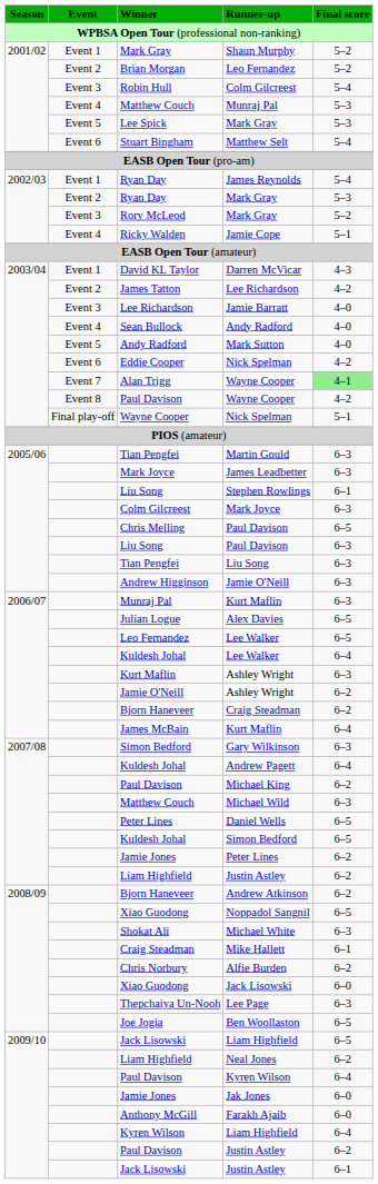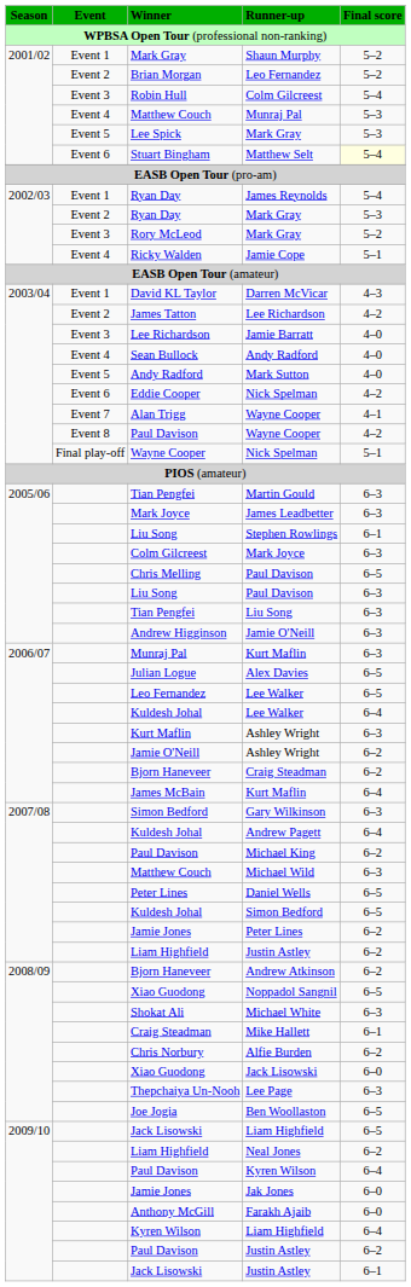 <table class="wikitable" style="margin: auto">
 <tr>
 <th style="text-align: center; background-color: #00af00">Season</th>
 <th style="text-align: center; background-color: #00af00">Event</th>
 <th style="text-align: left; background-color: #00af00">Winner</th>
 <th style="text-align: left; background-color: #00af00">Runner-up</th>
 <th style="text-align: left; background-color: #00af00">Final score</th>
 </tr>
 <tr>
 <td colspan=5 style="text-align: center; background-color: #c0ffc0"><strong>WPBSA Open Tour</strong> (professional non-ranking)</td>
 </tr>
 <tr valign=top>
 <td rowspan=6>2001/02</td>
 <td style="text-align: center">Event 1</td>
 <td> <a href='#'>Mark Gray</a></td>
 <td> <a href='#'>Shaun Murphy</a></td>
 <td style="text-align: center">5–2</td>
 </tr>
 <tr>
 <td style="text-align: center">Event 2</td>
 <td> <a href='#'>Brian Morgan</a></td>
 <td> <a href='#'>Leo Fernandez</a></td>
 <td style="text-align: center">5–2</td>
 </tr>
 <tr>
 <td style="text-align: center">Event 3</td>
 <td> <a href='#'>Robin Hull</a></td>
 <td> <a href='#'>Colm Gilcreest</a></td>
 <td style="text-align: center">5–4</td>
 </tr>
 <tr>
 <td style="text-align: center">Event 4</td>
 <td> <a href='#'>Matthew Couch</a></td>
 <td> <a href='#'>Munraj Pal</a></td>
 <td style="text-align: center">5–3</td>
 </tr>
 <tr>
 <td style="text-align: center">Event 5</td>
 <td> <a href='#'>Lee Spick</a></td>
 <td> <a href='#'>Mark Gray</a></td>
 <td style="text-align: center">5–3</td>
 </tr>
 <tr>
 <td style="text-align: center">Event 6</td>
 <td> <a href='#'>Stuart Bingham</a></td>
 <td> <a href='#'>Matthew Selt</a></td>
-<td style="text-align: center">5–4</td>
+<td style="background: lightyellow; text-align: center">5–4</td>
 </tr>
 <tr valign=top>
 </tr>
 <tr>
 <td colspan=5 style="text-align: center; background-color:lightgrey"><strong>EASB Open Tour</strong> (pro-am)</td>
 </tr>
 <tr valign=top>
 <td rowspan=4>2002/03</td>
 <td style="text-align: center">Event 1</td>
 <td> <a href='#'>Ryan Day</a></td>
 <td> <a href='#'>James Reynolds</a></td>
 <td style="text-align: center">5–4</td>
 </tr>
 <tr>
 <td style="text-align: center">Event 2</td>
 <td> <a href='#'>Ryan Day</a></td>
 <td> <a href='#'>Mark Gray</a></td>
 <td style="text-align: center">5–3</td>
 </tr>
 <tr>
 <td style="text-align: center">Event 3</td>
 <td> <a href='#'>Rory McLeod</a></td>
 <td> <a href='#'>Mark Gray</a></td>
 <td style="text-align: center">5–2</td>
 </tr>
 <tr>
 <td style="text-align: center">Event 4</td>
 <td> <a href='#'>Ricky Walden</a></td>
 <td> <a href='#'>Jamie Cope</a></td>
 <td style="text-align: center">5–1</td>
 </tr>
 <tr>
 <td colspan=5 style="text-align: center; background-color:lightgrey"><strong>EASB Open Tour</strong> (amateur)</td>
 </tr>
 <tr valign=top>
 <td rowspan=9>2003/04</td>
 <td style="text-align: center">Event 1</td>
 <td> <a href='#'>David KL Taylor</a></td>
 <td> <a href='#'>Darren McVicar</a></td>
 <td style="text-align: center">4–3</td>
 </tr>
 <tr>
 <td style="text-align: center">Event 2</td>
 <td> <a href='#'>James Tatton</a></td>
 <td> <a href='#'>Lee Richardson</a></td>
 <td style="text-align: center">4–2</td>
 </tr>
 <tr>
 <td style="text-align: center">Event 3</td>
 <td> <a href='#'>Lee Richardson</a></td>
 <td> <a href='#'>Jamie Barratt</a></td>
 <td style="text-align: center">4–0</td>
 </tr>
 <tr>
 <td style="text-align: center">Event 4</td>
 <td> <a href='#'>Sean Bullock</a></td>
 <td> <a href='#'>Andy Radford</a></td>
 <td style="text-align: center">4–0</td>
 </tr>
 <tr>
 <td style="text-align: center">Event 5</td>
 <td> <a href='#'>Andy Radford</a></td>
 <td> <a href='#'>Mark Sutton</a></td>
 <td style="text-align: center">4–0</td>
 </tr>
 <tr>
 <td style="text-align: center">Event 6</td>
 <td> <a href='#'>Eddie Cooper</a></td>
 <td> <a href='#'>Nick Spelman</a></td>
 <td style="text-align: center">4–2</td>
 </tr>
 <tr>
 <td style="text-align: center">Event 7</td>
 <td> <a href='#'>Alan Trigg</a></td>
 <td> <a href='#'>Wayne Cooper</a></td>
-<td style="background: lightgreen; text-align: center">4–1</td>
+<td style="text-align: center">4–1</td>
 </tr>
 <tr>
 <td style="text-align: center">Event 8</td>
 <td> <a href='#'>Paul Davison</a></td>
 <td> <a href='#'>Wayne Cooper</a></td>
 <td style="text-align: center">4–2</td>
 </tr>
 <tr>
 <td style="text-align: center">Final play-off</td>
 <td> <a href='#'>Wayne Cooper</a></td>
 <td> <a href='#'>Nick Spelman</a></td>
 <td style="text-align: center">5–1</td>
 </tr>
 <tr>
 <td colspan=5 style="text-align: center; background-color:lightgrey"><strong>PIOS</strong> (amateur)</td>
 </tr>
 <tr valign=top>
 <td rowspan=8>2005/06</td>
 <td style="text-align: center"></td>
 <td> <a href='#'>Tian Pengfei</a></td>
 <td> <a href='#'>Martin Gould</a></td>
 <td style="text-align: center">6–3</td>
 </tr>
 <tr>
 <td style="text-align: center"></td>
 <td> <a href='#'>Mark Joyce</a></td>
 <td> <a href='#'>James Leadbetter</a></td>
 <td style="text-align: center">6–3</td>
 </tr>
 <tr>
 <td style="text-align: center"></td>
 <td> <a href='#'>Liu Song</a></td>
 <td> <a href='#'>Stephen Rowlings</a></td>
 <td style="text-align: center">6–1</td>
 </tr>
 <tr>
 <td style="text-align: center"></td>
 <td> <a href='#'>Colm Gilcreest</a></td>
 <td> <a href='#'>Mark Joyce</a></td>
 <td style="text-align: center">6–3</td>
 </tr>
 <tr>
 <td style="text-align: center"></td>
 <td> <a href='#'>Chris Melling</a></td>
 <td> <a href='#'>Paul Davison</a></td>
 <td style="text-align: center">6–5</td>
 </tr>
 <tr>
 <td style="text-align: center"></td>
 <td> <a href='#'>Liu Song</a></td>
 <td> <a href='#'>Paul Davison</a></td>
 <td style="text-align: center">6–3</td>
 </tr>
 <tr>
 <td style="text-align: center"></td>
 <td> <a href='#'>Tian Pengfei</a></td>
 <td> <a href='#'>Liu Song</a></td>
 <td style="text-align: center">6–3</td>
 </tr>
 <tr>
 <td style="text-align: center"></td>
 <td> <a href='#'>Andrew Higginson</a></td>
 <td> <a href='#'>Jamie O'Neill</a></td>
 <td style="text-align: center">6–3</td>
 </tr>
 <tr valign=top>
 <td rowspan=8>2006/07</td>
 <td style="text-align: center"></td>
 <td> <a href='#'>Munraj Pal</a></td>
 <td> <a href='#'>Kurt Maflin</a></td>
 <td style="text-align: center">6–3</td>
 </tr>
 <tr>
 <td style="text-align: center"></td>
 <td> <a href='#'>Julian Logue</a></td>
 <td> <a href='#'>Alex Davies</a></td>
 <td style="text-align: center">6–5</td>
 </tr>
 <tr>
 <td style="text-align: center"></td>
 <td> <a href='#'>Leo Fernandez</a></td>
 <td> <a href='#'>Lee Walker</a></td>
 <td style="text-align: center">6–5</td>
 </tr>
 <tr>
 <td style="text-align: center"></td>
 <td> <a href='#'>Kuldesh Johal</a></td>
 <td> <a href='#'>Lee Walker</a></td>
 <td style="text-align: center">6–4</td>
 </tr>
 <tr>
 <td style="text-align: center"></td>
 <td> <a href='#'>Kurt Maflin</a></td>
 <td> Ashley Wright</td>
 <td style="text-align: center">6–3</td>
 </tr>
 <tr>
 <td style="text-align: center"></td>
 <td> <a href='#'>Jamie O'Neill</a></td>
 <td> Ashley Wright</td>
 <td style="text-align: center">6–2</td>
 </tr>
 <tr>
 <td style="text-align: center"></td>
 <td> <a href='#'>Bjorn Haneveer</a></td>
 <td> <a href='#'>Craig Steadman</a></td>
 <td style="text-align: center">6–2</td>
 </tr>
 <tr>
 <td style="text-align: center"></td>
 <td> <a href='#'>James McBain</a></td>
 <td> <a href='#'>Kurt Maflin</a></td>
 <td style="text-align: center">6–4</td>
 </tr>
 <tr valign=top>
 <td rowspan=8>2007/08</td>
 <td style="text-align: center"></td>
 <td> <a href='#'>Simon Bedford</a></td>
 <td> <a href='#'>Gary Wilkinson</a></td>
 <td style="text-align: center">6–3</td>
 </tr>
 <tr>
 <td style="text-align: center"></td>
 <td> <a href='#'>Kuldesh Johal</a></td>
 <td> <a href='#'>Andrew Pagett</a></td>
 <td style="text-align: center">6–4</td>
 </tr>
 <tr>
 <td style="text-align: center"></td>
 <td> <a href='#'>Paul Davison</a></td>
 <td> <a href='#'>Michael King</a></td>
 <td style="text-align: center">6–2</td>
 </tr>
 <tr>
 <td style="text-align: center"></td>
 <td> <a href='#'>Matthew Couch</a></td>
 <td> <a href='#'>Michael Wild</a></td>
 <td style="text-align: center">6–3</td>
 </tr>
 <tr>
 <td style="text-align: center"></td>
 <td> <a href='#'>Peter Lines</a></td>
 <td> <a href='#'>Daniel Wells</a></td>
 <td style="text-align: center">6–5</td>
 </tr>
 <tr>
 <td style="text-align: center"></td>
 <td> <a href='#'>Kuldesh Johal</a></td>
 <td> <a href='#'>Simon Bedford</a></td>
 <td style="text-align: center">6–5</td>
 </tr>
 <tr>
 <td style="text-align: center"></td>
 <td> <a href='#'>Jamie Jones</a></td>
 <td> <a href='#'>Peter Lines</a></td>
 <td style="text-align: center">6–2</td>
 </tr>
 <tr>
 <td style="text-align: center"></td>
 <td> <a href='#'>Liam Highfield</a></td>
 <td> <a href='#'>Justin Astley</a></td>
 <td style="text-align: center">6–2</td>
 </tr>
 <tr valign=top>
 <td rowspan=8>2008/09</td>
 <td style="text-align: center"></td>
 <td> <a href='#'>Bjorn Haneveer</a></td>
 <td> <a href='#'>Andrew Atkinson</a></td>
 <td style="text-align: center">6–2</td>
 </tr>
 <tr>
 <td style="text-align: center"></td>
 <td> <a href='#'>Xiao Guodong</a></td>
 <td> <a href='#'>Noppadol Sangnil</a></td>
 <td style="text-align: center">6–5</td>
 </tr>
 <tr>
 <td style="text-align: center"></td>
 <td> <a href='#'>Shokat Ali</a></td>
 <td> <a href='#'>Michael White</a></td>
 <td style="text-align: center">6–3</td>
 </tr>
 <tr>
 <td style="text-align: center"></td>
 <td> <a href='#'>Craig Steadman</a></td>
 <td> <a href='#'>Mike Hallett</a></td>
 <td style="text-align: center">6–1</td>
 </tr>
 <tr>
 <td style="text-align: center"></td>
 <td> <a href='#'>Chris Norbury</a></td>
 <td> <a href='#'>Alfie Burden</a></td>
 <td style="text-align: center">6–2</td>
 </tr>
 <tr>
 <td style="text-align: center"></td>
 <td> <a href='#'>Xiao Guodong</a></td>
 <td> <a href='#'>Jack Lisowski</a></td>
 <td style="text-align: center">6–0</td>
 </tr>
 <tr>
 <td style="text-align: center"></td>
 <td> <a href='#'>Thepchaiya Un-Nooh</a></td>
 <td> <a href='#'>Lee Page</a></td>
 <td style="text-align: center">6–3</td>
 </tr>
 <tr>
 <td style="text-align: center"></td>
 <td> <a href='#'>Joe Jogia</a></td>
 <td> <a href='#'>Ben Woollaston</a></td>
 <td style="text-align: center">6–5</td>
 </tr>
 <tr valign=top>
 <td rowspan=8>2009/10</td>
 <td style="text-align: center"></td>
 <td> <a href='#'>Jack Lisowski</a></td>
 <td> <a href='#'>Liam Highfield</a></td>
 <td style="text-align: center">6–5</td>
 </tr>
 <tr>
 <td style="text-align: center"></td>
 <td> <a href='#'>Liam Highfield</a></td>
 <td> <a href='#'>Neal Jones</a></td>
 <td style="text-align: center">6–2</td>
 </tr>
 <tr>
 <td style="text-align: center"></td>
 <td> <a href='#'>Paul Davison</a></td>
 <td> <a href='#'>Kyren Wilson</a></td>
 <td style="text-align: center">6–4</td>
 </tr>
 <tr>
 <td style="text-align: center"></td>
 <td> <a href='#'>Jamie Jones</a></td>
 <td> <a href='#'>Jak Jones</a></td>
 <td style="text-align: center">6–0</td>
 </tr>
 <tr>
 <td style="text-align: center"></td>
 <td> <a href='#'>Anthony McGill</a></td>
 <td> <a href='#'>Farakh Ajaib</a></td>
 <td style="text-align: center">6–0</td>
 </tr>
 <tr>
 <td style="text-align: center"></td>
 <td> <a href='#'>Kyren Wilson</a></td>
 <td> <a href='#'>Liam Highfield</a></td>
 <td style="text-align: center">6–4</td>
 </tr>
 <tr>
 <td style="text-align: center"></td>
 <td> <a href='#'>Paul Davison</a></td>
 <td> <a href='#'>Justin Astley</a></td>
 <td style="text-align: center">6–2</td>
 </tr>
 <tr>
 <td style="text-align: center"></td>
 <td> <a href='#'>Jack Lisowski</a></td>
 <td> <a href='#'>Justin Astley</a></td>
 <td style="text-align: center">6–1</td>
 </tr>
 </table>
